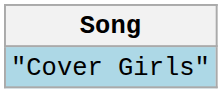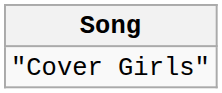 <table class="wikitable">
 <tr>
 <th>Song</th>
 </tr>
 <tr>
-<td style="background: lightblue;">"Cover Girls"</td>
+<td>"Cover Girls"</td>
 </tr>
 </table>
